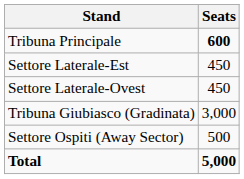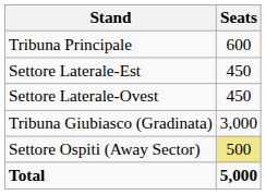 <table class="wikitable">
 <tr>
 <th>Stand</th>
 <th>Seats</th>
 </tr>
 <tr>
 <td>Tribuna Principale</td>
-<td align=center><strong>600</strong></td>
+<td align=center>600</td>
 </tr>
 <tr>
 <td>Settore Laterale-Est</td>
 <td align=center>450</td>
 </tr>
 <tr>
 <td>Settore Laterale-Ovest</td>
 <td align=center>450</td>
 </tr>
 <tr>
 <td>Tribuna Giubiasco (Gradinata)</td>
 <td align=center>3,000</td>
 </tr>
 <tr>
 <td>Settore Ospiti (Away Sector)</td>
-<td align=center>500</td>
+<td align=center style="background: khaki;">500</td>
 </tr>
 <tr>
 <td><strong>Total</strong></td>
 <td align=center><strong>5,000</strong></td>
 </tr>
 </table>
